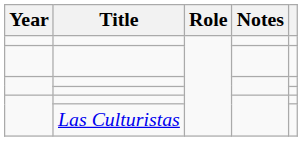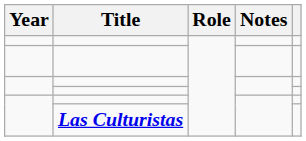 <table class="wikitable plainrowheaders">
 <tr>
 <th scope="col">Year</th>
 <th scope="col">Title</th>
 <th scope="col">Role</th>
 <th scope="col" class="unsortable">Notes</th>
 <th scope="col" class="unsortable"></th>
 </tr>
 <tr>
 <td></td>
 <td><em></em></td>
 <td rowspan="6"></td>
 <td></td>
 <td></td>
 </tr>
 <tr>
 <td><br></td>
 <td><em></em></td>
 <td></td>
 <td></td>
 </tr>
 <tr>
 <td rowspan="2"></td>
 <td><em></em></td>
 <td rowspan="2"></td>
 <td></td>
 </tr>
 <tr>
 <td><em></em></td>
 <td></td>
 </tr>
 <tr>
 <td rowspan="2"></td>
 <td><em></em></td>
 <td rowspan="2"></td>
 <td></td>
 </tr>
 <tr>
-<td><em><a href='#'>Las Culturistas</a></em></td>
+<td><strong><em><a href='#'>Las Culturistas</a></em></strong></td>
 <td></td>
 </tr>
 </table>
